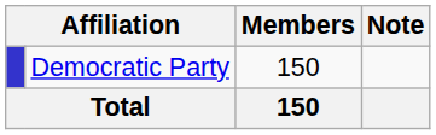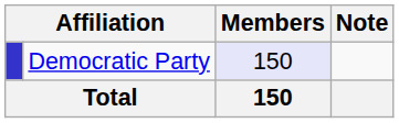 <table class="wikitable">
 <tr>
 <th colspan="2" align="center" valign="bottom">Affiliation</th>
 <th valign="bottom">Members</th>
 <th valign="bottom">Note</th>
 </tr>
 <tr>
 <td bgcolor="#3333CC"> </td>
 <td><a href='#'>Democratic Party</a></td>
-<td align="center">150</td>
+<td align="center" style="background: lavender;">150</td>
 <td></td>
 </tr>
 <tr>
 <th colspan="2" align="center"><strong>Total</strong></th>
 <th align="center"><strong>150</strong></th>
 <th></th>
 </tr>
 </table>
